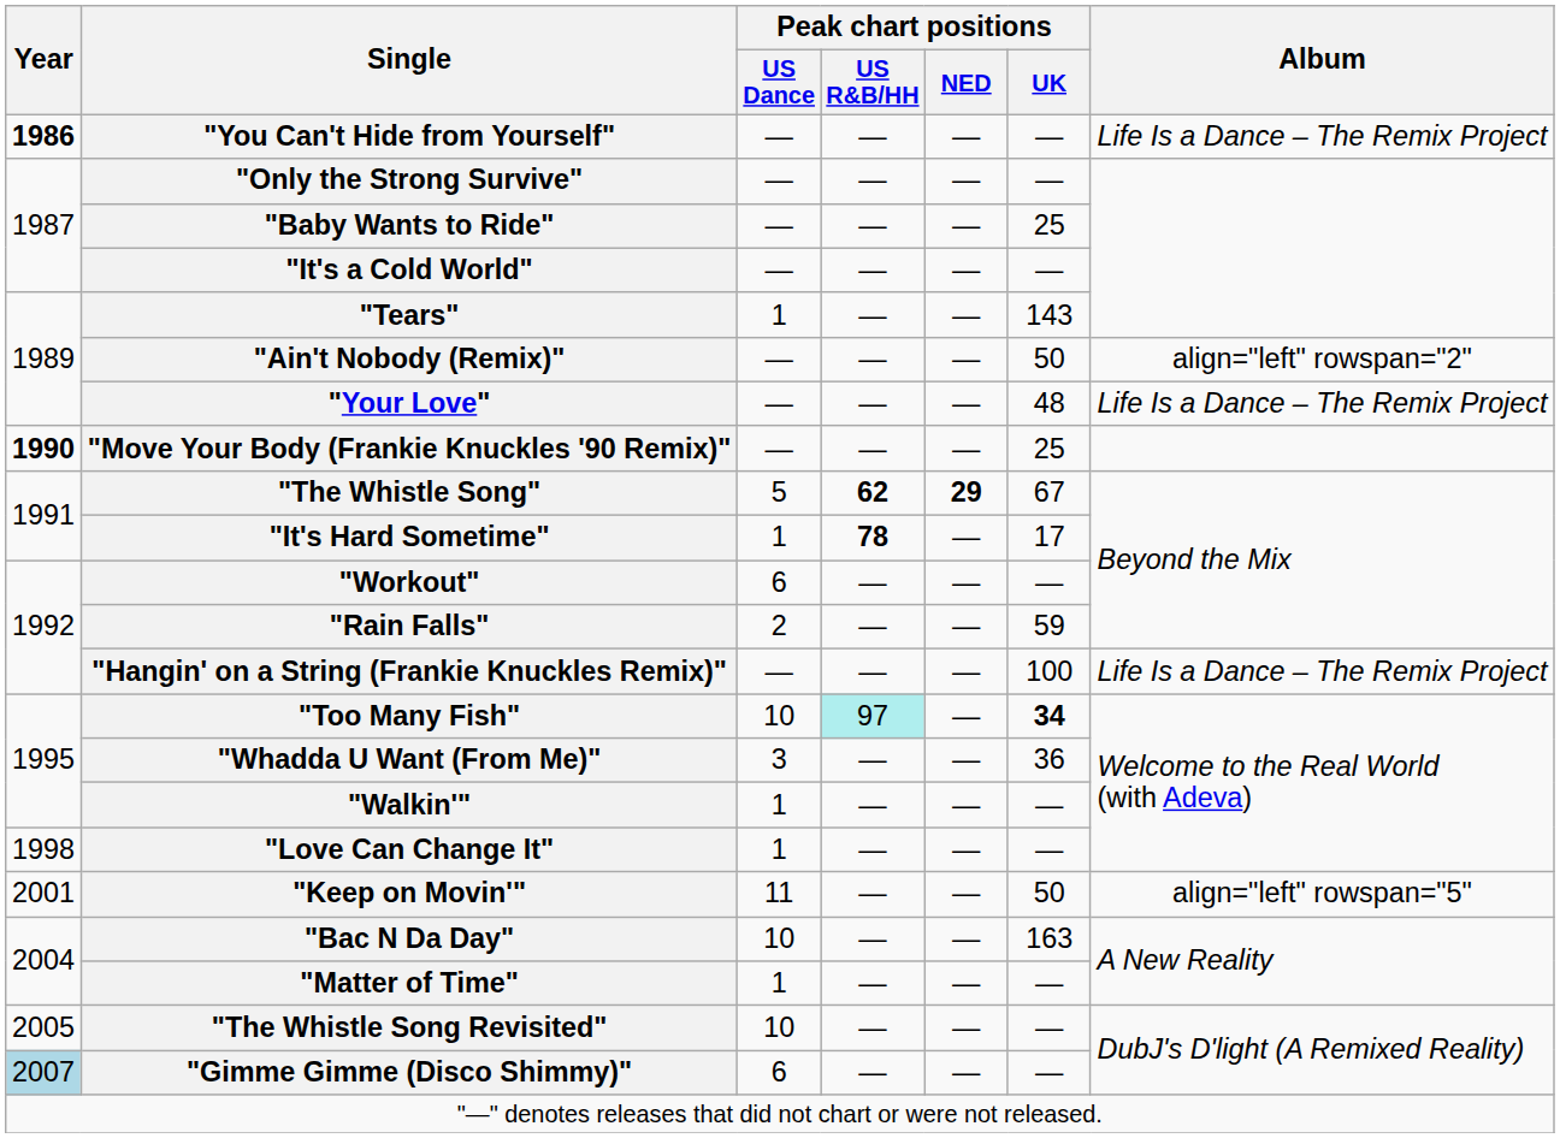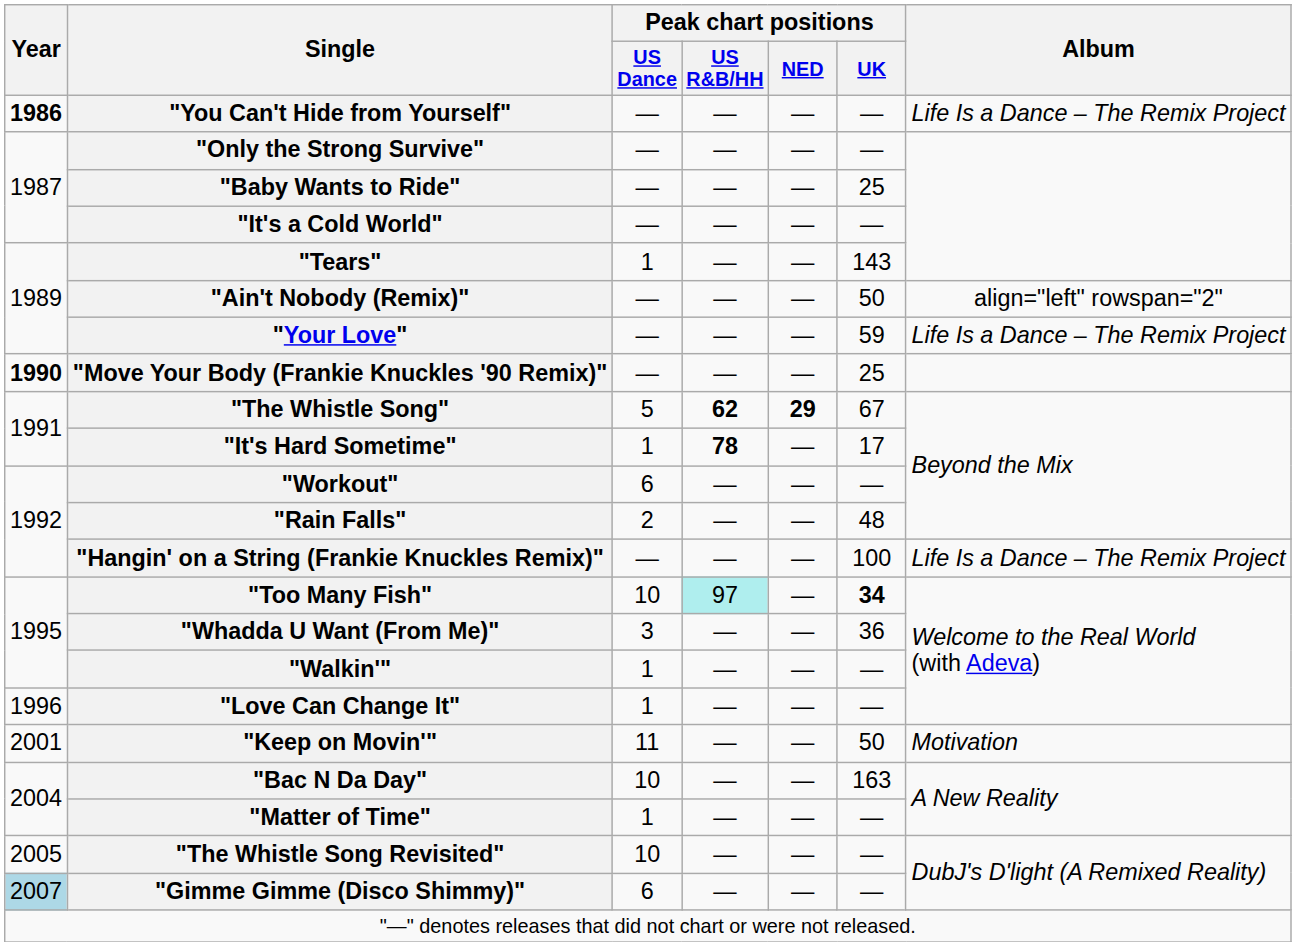 <table class="wikitable plainrowheaders" style="text-align:center;">
 <tr>
 <th scope="col" rowspan="2">Year</th>
 <th scope="col" rowspan="2">Single</th>
 <th scope="col" colspan="4">Peak chart positions</th>
 <th scope="col" rowspan="2">Album</th>
 </tr>
 <tr>
 <th scope="col" style="width:3em;font-size:85%;"><a href='#'>US<br>Dance</a><br></th>
 <th scope="col" style="width:3em;font-size:85%;"><a href='#'>US<br>R&B/HH</a><br></th>
 <th scope="col" style="width:3em;font-size:85%;"><a href='#'>NED</a><br></th>
 <th scope="col" style="width:3em;font-size:85%;"><a href='#'>UK</a><br></th>
 </tr>
 <tr>
 <td><strong>1986</strong></td>
 <th scope="row">"You Can't Hide from Yourself"</th>
 <td>—</td>
 <td>—</td>
 <td>—</td>
 <td>—</td>
 <td style="text-align:left;"><em>Life Is a Dance – The Remix Project</em></td>
 </tr>
 <tr>
 <td rowspan="3">1987</td>
 <th scope="row">"Only the Strong Survive"</th>
 <td>—</td>
 <td>—</td>
 <td>—</td>
 <td>—</td>
 </tr>
 <tr>
 <th scope="row">"Baby Wants to Ride" </th>
 <td>—</td>
 <td>—</td>
 <td>—</td>
 <td>25</td>
 </tr>
 <tr>
 <th scope="row">"It's a Cold World" </th>
 <td>—</td>
 <td>—</td>
 <td>—</td>
 <td>—</td>
 </tr>
 <tr>
 <td rowspan="3">1989</td>
 <th scope="row">"Tears" </th>
 <td>1</td>
 <td>—</td>
 <td>—</td>
 <td>143</td>
 </tr>
 <tr>
 <th scope="row">"Ain't Nobody (Remix)" </th>
 <td>—</td>
 <td>—</td>
 <td>—</td>
 <td>50</td>
 <td>align="left" rowspan="2" </td>
 </tr>
 <tr>
 <th scope="row">"<a href='#'>Your Love</a>" </th>
 <td>—</td>
 <td>—</td>
 <td>—</td>
-<td>48</td>
+<td>59</td>
 <td style="text-align:left;"><em>Life Is a Dance – The Remix Project</em></td>
 </tr>
 <tr>
 <td><strong>1990</strong></td>
 <th scope="row">"Move Your Body (Frankie Knuckles '90 Remix)" </th>
 <td>—</td>
 <td>—</td>
 <td>—</td>
 <td>25</td>
 </tr>
 <tr>
 <td rowspan="2">1991</td>
 <th scope="row">"The Whistle Song"</th>
 <td>5</td>
 <td><strong>62</strong></td>
 <td><strong>29</strong></td>
 <td>67</td>
 <td style="text-align:left;" rowspan="4"><em>Beyond the Mix</em></td>
 </tr>
 <tr>
 <th scope="row">"It's Hard Sometime"</th>
 <td>1</td>
 <td><strong>78</strong></td>
 <td>—</td>
 <td>17</td>
 </tr>
 <tr>
 <td rowspan="3">1992</td>
 <th scope="row">"Workout"</th>
 <td>6</td>
 <td>—</td>
 <td>—</td>
 <td>—</td>
 </tr>
 <tr>
 <th scope="row">"Rain Falls"</th>
 <td>2</td>
 <td>—</td>
 <td>—</td>
-<td>59</td>
+<td>48</td>
 </tr>
 <tr>
 <th scope="row">"Hangin' on a String (Frankie Knuckles Remix)" </th>
 <td>—</td>
 <td>—</td>
 <td>—</td>
 <td>100</td>
 <td style="text-align:left;"><em>Life Is a Dance – The Remix Project</em></td>
 </tr>
 <tr>
 <td rowspan="3">1995</td>
 <th scope="row">"Too Many Fish"</th>
 <td>10</td>
 <td style="background: paleturquoise;">97</td>
 <td>—</td>
 <td><strong>34</strong></td>
 <td style="text-align:left;" rowspan="4"><em>Welcome to the Real World</em><br>(with <a href='#'>Adeva</a>)</td>
 </tr>
 <tr>
 <th scope="row">"Whadda U Want (From Me)"</th>
 <td>3</td>
 <td>—</td>
 <td>—</td>
 <td>36</td>
 </tr>
 <tr>
 <th scope="row">"Walkin'"</th>
 <td>1</td>
 <td>—</td>
 <td>—</td>
 <td>—</td>
 </tr>
 <tr>
-<td>1998</td>
+<td>1996</td>
 <th scope="row">"Love Can Change It"</th>
 <td>1</td>
 <td>—</td>
 <td>—</td>
 <td>—</td>
 </tr>
 <tr>
 <td>2001</td>
 <th scope="row">"Keep on Movin'" </th>
 <td>11</td>
 <td>—</td>
 <td>—</td>
 <td>50</td>
-<td>align="left" rowspan="5" </td>
+<td style="text-align:left;"><em>Motivation</em></td>
 </tr>
 <tr>
 <td rowspan="2">2004</td>
 <th scope="row">"Bac N Da Day" </th>
 <td>10</td>
 <td>—</td>
 <td>—</td>
 <td>163</td>
 <td style="text-align:left;" rowspan="2"><em>A New Reality</em></td>
 </tr>
 <tr>
 <th scope="row">"Matter of Time" </th>
 <td>1</td>
 <td>—</td>
 <td>—</td>
 <td>—</td>
 </tr>
 <tr>
 <td>2005</td>
 <th scope="row">"The Whistle Song Revisited"</th>
 <td>10</td>
 <td>—</td>
 <td>—</td>
 <td>—</td>
 <td style="text-align:left;" rowspan="2"><em>DubJ's D'light (A Remixed Reality)</em></td>
 </tr>
 <tr>
 <td style="background: lightblue;">2007</td>
 <th scope="row">"Gimme Gimme (Disco Shimmy)"</th>
 <td>6</td>
 <td>—</td>
 <td>—</td>
 <td>—</td>
 </tr>
 <tr>
 <td colspan="10" style="text-align:center; font-size:85%">"—" denotes releases that did not chart or were not released.</td>
 </tr>
 </table>
